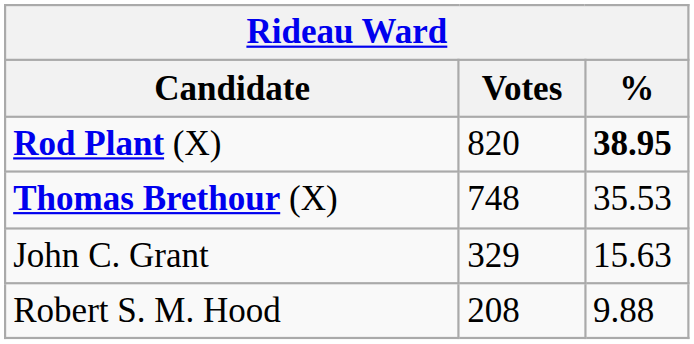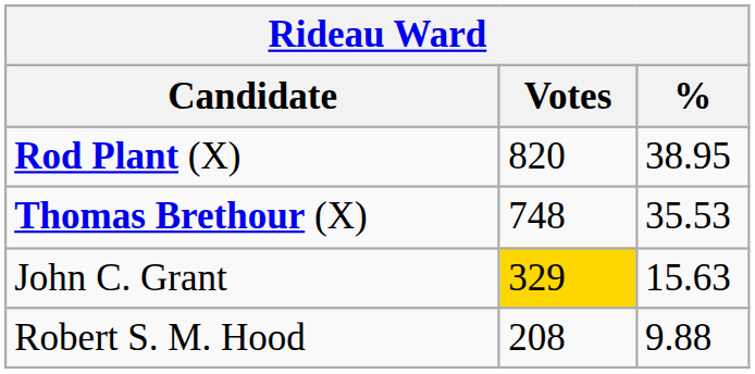 <table class="wikitable">
 <tr>
 <th colspan="3"><a href='#'>Rideau Ward</a></th>
 </tr>
 <tr>
 <th style="width: 200px">Candidate</th>
 <th style="width: 50px">Votes</th>
 <th style="width: 40px">%</th>
 </tr>
 <tr>
 <td><strong><a href='#'>Rod Plant</a></strong> (X)</td>
 <td>820</td>
-<td><strong>38.95</strong></td>
+<td>38.95</td>
 </tr>
 <tr>
 <td><strong><a href='#'>Thomas Brethour</a></strong> (X)</td>
 <td>748</td>
 <td>35.53</td>
 </tr>
 <tr>
 <td>John C. Grant</td>
-<td>329</td>
+<td style="background: gold;">329</td>
 <td>15.63</td>
 </tr>
 <tr>
 <td>Robert S. M. Hood</td>
 <td>208</td>
 <td>9.88</td>
 </tr>
 </table>
